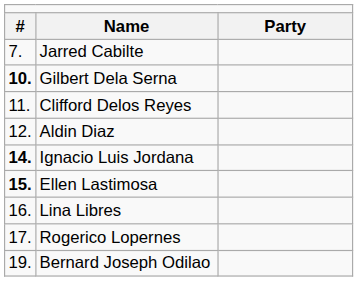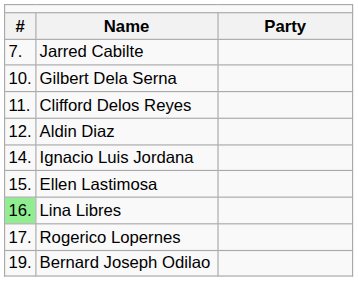 <table class=wikitable style="font-size:90%">
 <tr>
 <td colspan=4 bgcolor=></td>
 </tr>
 <tr>
 <th>#</th>
 <th width=150px>Name</th>
 <th colspan=2 width=110px>Party</th>
 </tr>
 <tr>
 <td>7.</td>
 <td>Jarred Cabilte</td>
 <td></td>
 </tr>
 <tr>
-<td><strong>10.</strong></td>
+<td>10.</td>
 <td>Gilbert Dela Serna</td>
 <td></td>
 </tr>
 <tr>
 <td>11.</td>
 <td>Clifford Delos Reyes</td>
 <td></td>
 </tr>
 <tr>
 <td>12.</td>
 <td>Aldin Diaz</td>
 <td></td>
 </tr>
 <tr>
-<td><strong>14.</strong></td>
+<td>14.</td>
 <td>Ignacio Luis Jordana</td>
 <td></td>
 </tr>
 <tr>
-<td><strong>15.</strong></td>
+<td>15.</td>
 <td>Ellen Lastimosa</td>
 <td></td>
 </tr>
 <tr>
-<td>16.</td>
+<td style="background: lightgreen;">16.</td>
 <td>Lina Libres</td>
 <td></td>
 </tr>
 <tr>
 <td>17.</td>
 <td>Rogerico Lopernes</td>
 <td></td>
 </tr>
 <tr>
 <td>19.</td>
 <td>Bernard Joseph Odilao</td>
 <td></td>
 </tr>
 </table>
